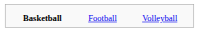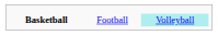 <table class="infobox" style="font-size: 88%; width: 22em; text-align: center">
 <tr>
 <th colspan="3"><big></big></th>
 </tr>
 <tr>
 <td></td>
 <td></td>
 <td></td>
 </tr>
 <tr>
 <td><strong>Basketball</strong></td>
 <td><a href='#'>Football</a></td>
-<td><a href='#'>Volleyball</a></td>
+<td style="background: paleturquoise;"><a href='#'>Volleyball</a></td>
 </tr>
 </table>
